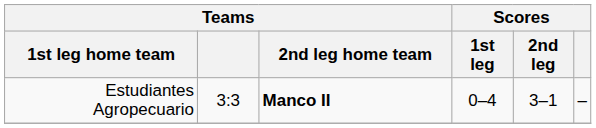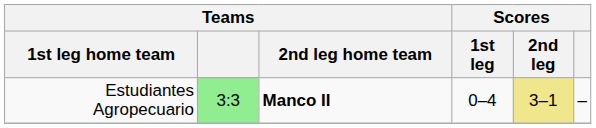 <table class="wikitable" style="text-align: center;">
 <tr>
 <th colspan=3>Teams</th>
 <th colspan=3>Scores</th>
 </tr>
 <tr>
 <th width="175">1st leg home team</th>
 <th width="50"></th>
 <th width="175">2nd leg home team</th>
 <th width="50">1st leg</th>
 <th width="50">2nd leg</th>
 <th></th>
 </tr>
 <tr>
 <td align=right>Estudiantes Agropecuario</td>
-<td>3:3</td>
+<td style="background: lightgreen;">3:3</td>
 <td align=left><strong>Manco II</strong></td>
 <td>0–4</td>
-<td>3–1</td>
+<td style="background: khaki;">3–1</td>
 <td>–</td>
 </tr>
 <tr>
 </tr>
 </table>
